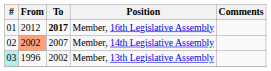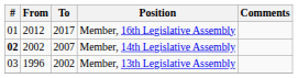 <table class="wikitable sortable">
 <tr>
 <th>#</th>
 <th>From</th>
 <th>To</th>
 <th>Position</th>
 <th>Comments</th>
 </tr>
 <tr>
 <td>01</td>
 <td>2012</td>
-<td><strong>2017</strong></td>
+<td>2017</td>
 <td>Member, <a href='#'>16th Legislative Assembly</a></td>
 <td></td>
 </tr>
 <tr>
-<td>02</td>
-<td style="background: lightsalmon;">2002</td>
+<td><strong>02</strong></td>
+<td>2002</td>
 <td>2007</td>
 <td>Member, <a href='#'>14th Legislative Assembly</a></td>
 <td></td>
 </tr>
 <tr>
-<td style="background: paleturquoise;">03</td>
+<td>03</td>
 <td>1996</td>
 <td>2002</td>
 <td>Member, <a href='#'>13th Legislative Assembly</a></td>
 <td></td>
 </tr>
 <tr>
 </tr>
 </table>
